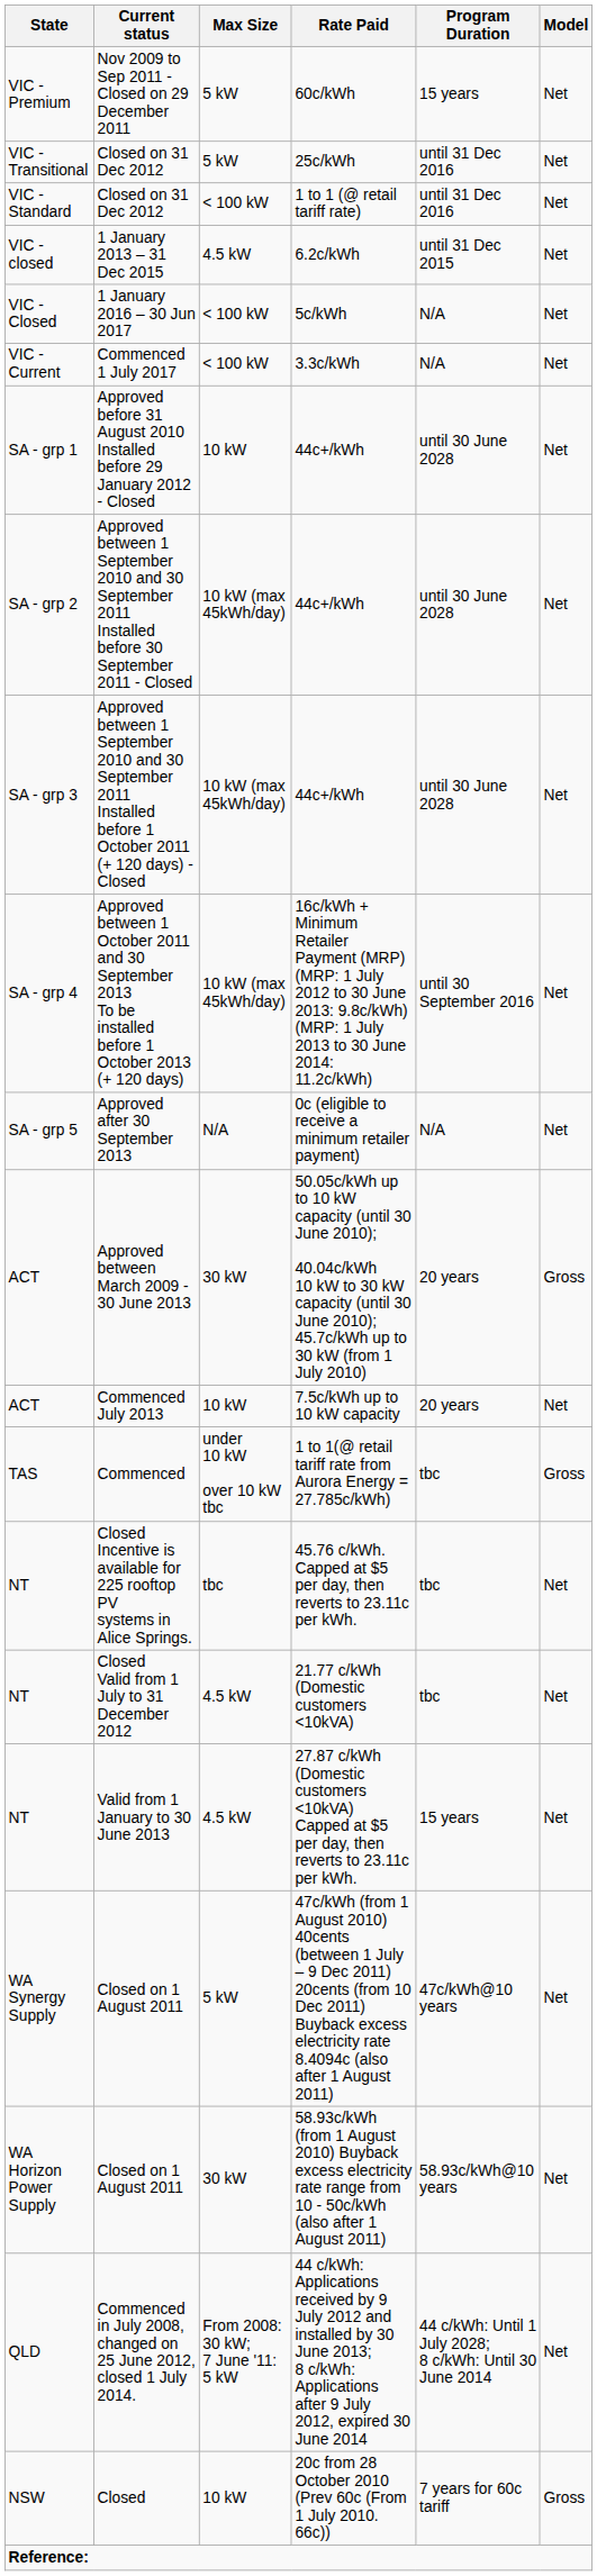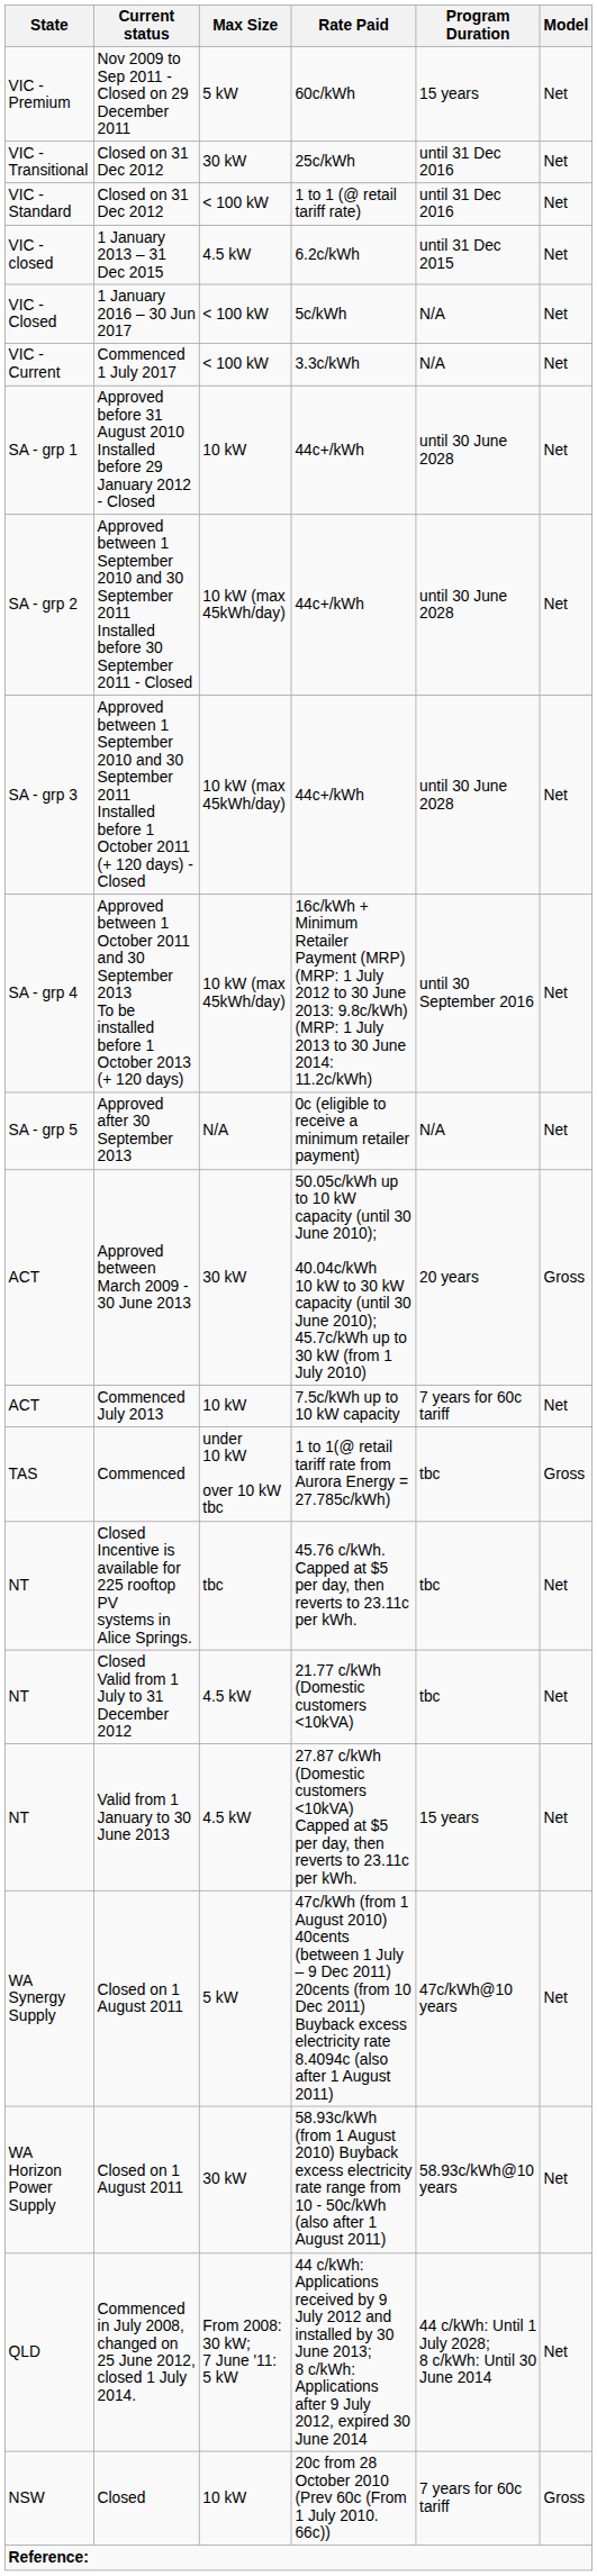 <table class="wikitable" border="1">
 <tr>
 <th>State</th>
 <th>Current status</th>
 <th>Max Size</th>
 <th>Rate Paid</th>
 <th>Program Duration</th>
 <th>Model</th>
 </tr>
 <tr>
 <td>VIC - Premium</td>
 <td>Nov 2009 to Sep 2011 - Closed on 29 December 2011</td>
 <td>5 kW</td>
 <td>60c/kWh</td>
 <td>15 years</td>
 <td>Net</td>
 </tr>
 <tr>
 <td>VIC - Transitional</td>
 <td>Closed on 31 Dec 2012</td>
-<td>5 kW</td>
+<td>30 kW</td>
 <td>25c/kWh</td>
 <td>until 31 Dec 2016</td>
 <td>Net</td>
 </tr>
 <tr>
 <td>VIC - Standard</td>
 <td>Closed on 31 Dec 2012</td>
 <td>< 100 kW</td>
 <td>1 to 1 (@ retail tariff rate)</td>
 <td>until 31 Dec 2016</td>
 <td>Net</td>
 </tr>
 <tr>
 <td>VIC - closed</td>
 <td>1 January 2013 – 31 Dec 2015</td>
 <td>4.5 kW</td>
 <td>6.2c/kWh</td>
 <td>until 31 Dec 2015</td>
 <td>Net</td>
 </tr>
 <tr>
 <td>VIC - Closed</td>
 <td>1 January 2016 – 30 Jun 2017</td>
 <td>< 100 kW</td>
 <td>5c/kWh</td>
 <td>N/A</td>
 <td>Net</td>
 </tr>
 <tr>
 <td>VIC - Current</td>
 <td>Commenced 1 July 2017</td>
 <td>< 100 kW</td>
 <td>3.3c/kWh</td>
 <td>N/A</td>
 <td>Net</td>
 </tr>
 <tr>
 <td>SA - grp 1</td>
 <td>Approved before 31 August 2010<br>Installed before 29 January 2012 - Closed</td>
 <td>10 kW</td>
 <td>44c+/kWh</td>
 <td>until 30 June 2028</td>
 <td>Net</td>
 </tr>
 <tr>
 <td>SA - grp 2</td>
 <td>Approved between 1 September 2010 and 30 September 2011<br>Installed before 30 September 2011 - Closed</td>
 <td>10 kW (max 45kWh/day)</td>
 <td>44c+/kWh</td>
 <td>until 30 June 2028</td>
 <td>Net</td>
 </tr>
 <tr>
 <td>SA - grp 3</td>
 <td>Approved between 1 September 2010 and 30 September 2011<br>Installed before 1 October 2011 (+ 120 days) - Closed</td>
 <td>10 kW (max 45kWh/day)</td>
 <td>44c+/kWh</td>
 <td>until 30 June 2028</td>
 <td>Net</td>
 </tr>
 <tr>
 <td>SA - grp 4</td>
 <td>Approved between 1 October 2011 and 30 September 2013<br>To be installed before 1 October 2013 (+ 120 days)</td>
 <td>10 kW (max 45kWh/day)</td>
 <td>16c/kWh + Minimum Retailer Payment (MRP)<br>(MRP: 1 July 2012 to 30 June 2013: 9.8c/kWh)<br>(MRP: 1 July 2013 to 30 June 2014: 11.2c/kWh)</td>
 <td>until 30 September 2016</td>
 <td>Net</td>
 </tr>
 <tr>
 <td>SA - grp 5</td>
 <td>Approved after 30 September 2013</td>
 <td>N/A</td>
 <td>0c (eligible to receive a minimum retailer payment)</td>
 <td>N/A</td>
 <td>Net</td>
 </tr>
 <tr>
 <td>ACT</td>
 <td>Approved between March 2009 - 30 June 2013</td>
 <td>30 kW</td>
 <td>50.05c/kWh up to 10 kW capacity (until 30 June 2010);<br><br>40.04c/kWh 10 kW to 30 kW capacity (until 30 June 2010);<br> 45.7c/kWh up to 30 kW (from 1 July 2010)</td>
 <td>20 years</td>
 <td>Gross</td>
 </tr>
 <tr>
 <td>ACT</td>
 <td>Commenced July 2013</td>
 <td>10 kW</td>
 <td>7.5c/kWh up to 10 kW capacity</td>
-<td>20 years</td>
+<td>7 years for 60c tariff</td>
 <td>Net</td>
 </tr>
 <tr>
 <td>TAS</td>
 <td>Commenced</td>
 <td>under 10 kW<br><br>over 10 kW tbc</td>
 <td>1 to 1(@ retail tariff rate from Aurora Energy = 27.785c/kWh)</td>
 <td>tbc</td>
 <td>Gross</td>
 </tr>
 <tr>
 <td>NT</td>
 <td>Closed<br>Incentive is available for 225 rooftop PV<br>systems in Alice Springs.</td>
 <td>tbc</td>
 <td>45.76 c/kWh.<br>Capped at $5 per day, then reverts to 23.11c per kWh.</td>
 <td>tbc</td>
 <td>Net</td>
 </tr>
 <tr>
 <td>NT</td>
 <td>Closed<br>Valid from 1 July to 31 December 2012</td>
 <td>4.5 kW</td>
 <td>21.77 c/kWh (Domestic customers <10kVA)</td>
 <td>tbc</td>
 <td>Net</td>
 </tr>
 <tr>
 <td>NT</td>
 <td>Valid from 1 January to 30 June 2013</td>
 <td>4.5 kW</td>
 <td>27.87 c/kWh (Domestic customers <10kVA)<br>Capped at $5 per day, then reverts to 23.11c per kWh.</td>
 <td>15 years</td>
 <td>Net</td>
 </tr>
 <tr>
 <td>WA<br>Synergy Supply</td>
 <td>Closed on 1 August 2011</td>
 <td>5 kW</td>
 <td>47c/kWh (from 1 August 2010)<br>40cents (between 1 July – 9 Dec 2011)<br>20cents (from 10 Dec 2011)<br>Buyback excess electricity rate 8.4094c (also after 1 August 2011)</td>
 <td>47c/kWh@10 years</td>
 <td>Net</td>
 </tr>
 <tr>
 <td>WA<br>Horizon Power Supply</td>
 <td>Closed on 1 August 2011</td>
 <td>30 kW</td>
 <td>58.93c/kWh (from 1 August 2010) Buyback excess electricity rate range from 10 - 50c/kWh (also after 1 August 2011)</td>
 <td>58.93c/kWh@10 years</td>
 <td>Net</td>
 </tr>
 <tr>
 <td>QLD</td>
 <td>Commenced in July 2008, changed on 25 June 2012,<br>closed 1 July 2014.</td>
 <td>From 2008: 30 kW;<br> 7 June '11: 5 kW</td>
 <td>44 c/kWh: Applications received by 9 July 2012 and installed by 30 June 2013;<br>8 c/kWh: Applications after 9 July 2012, expired 30 June 2014</td>
 <td>44 c/kWh: Until 1 July 2028;<br> 8 c/kWh: Until 30 June 2014</td>
 <td>Net</td>
 </tr>
 <tr>
 <td>NSW</td>
 <td>Closed</td>
 <td>10 kW</td>
 <td>20c from 28 October 2010<br> (Prev 60c (From 1 July 2010. 66c))</td>
 <td>7 years for 60c tariff</td>
 <td>Gross</td>
 </tr>
 <tr>
 <td colspan="6"><strong>Reference:</strong></td>
 </tr>
 </table>
